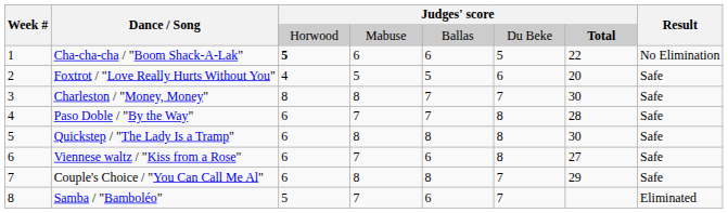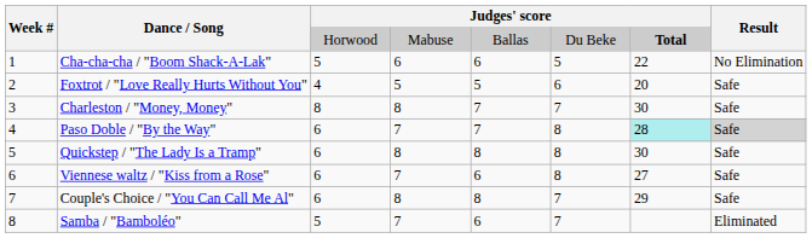 <table class="wikitable" align="center">
 <tr>
 <th rowspan="2">Week #</th>
 <th rowspan="2">Dance / Song</th>
 <th colspan="5">Judges' score</th>
 <th rowspan="2">Result</th>
 </tr>
 <tr style="text-align:center; background:#ccc;">
 <td style="width:10%">Horwood</td>
 <td style="width:10%">Mabuse</td>
 <td style="width:10%">Ballas</td>
 <td style="width:10%">Du Beke</td>
 <td style="width:10%"><strong>Total</strong></td>
 </tr>
 <tr>
 <td>1</td>
 <td><a href='#'>Cha-cha-cha</a> / "<a href='#'>Boom Shack-A-Lak</a>"</td>
-<td><strong>5</strong></td>
+<td>5</td>
 <td>6</td>
 <td>6</td>
 <td>5</td>
 <td>22</td>
 <td>No Elimination</td>
 </tr>
 <tr>
 <td>2</td>
 <td><a href='#'>Foxtrot</a> / "<a href='#'>Love Really Hurts Without You</a>"</td>
 <td>4</td>
 <td>5</td>
 <td>5</td>
 <td>6</td>
 <td>20</td>
 <td>Safe</td>
 </tr>
 <tr>
 <td>3</td>
 <td><a href='#'>Charleston</a> / "<a href='#'>Money, Money</a>"</td>
 <td>8</td>
 <td>8</td>
 <td>7</td>
 <td>7</td>
 <td>30</td>
 <td>Safe</td>
 </tr>
 <tr>
 <td>4</td>
 <td><a href='#'>Paso Doble</a> / "<a href='#'>By the Way</a>"</td>
 <td>6</td>
 <td>7</td>
 <td>7</td>
 <td>8</td>
-<td>28</td>
-<td>Safe</td>
+<td style="background: paleturquoise;">28</td>
+<td style="background: lightgrey;">Safe</td>
 </tr>
 <tr>
 <td>5</td>
 <td><a href='#'>Quickstep</a> / "<a href='#'>The Lady Is a Tramp</a>"</td>
 <td>6</td>
 <td>8</td>
 <td>8</td>
 <td>8</td>
 <td>30</td>
 <td>Safe</td>
 </tr>
 <tr>
 <td>6</td>
 <td><a href='#'>Viennese waltz</a> / "<a href='#'>Kiss from a Rose</a>"</td>
 <td>6</td>
 <td>7</td>
 <td>6</td>
 <td>8</td>
 <td>27</td>
 <td>Safe</td>
 </tr>
 <tr>
 <td>7</td>
 <td>Couple's Choice / "<a href='#'>You Can Call Me Al</a>"</td>
 <td>6</td>
 <td>8</td>
 <td>8</td>
 <td>7</td>
 <td>29</td>
 <td>Safe</td>
 </tr>
 <tr>
 <td>8</td>
 <td><a href='#'>Samba</a> / "<a href='#'>Bamboléo</a>"</td>
 <td>5</td>
 <td>7</td>
 <td>6</td>
 <td>7</td>
 <td></td>
 <td>Eliminated</td>
 </tr>
 </table>
